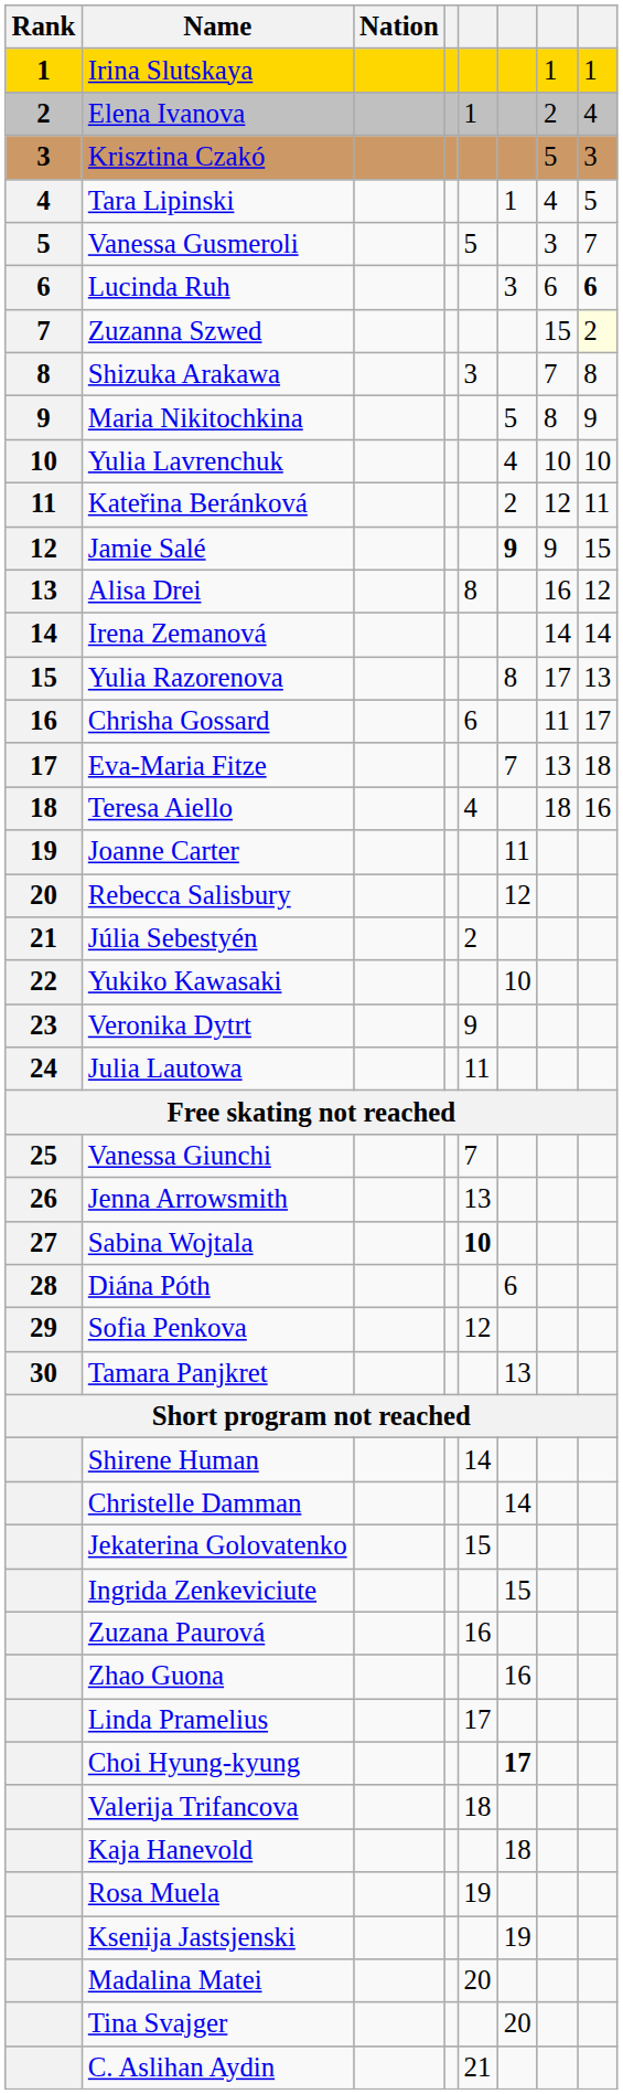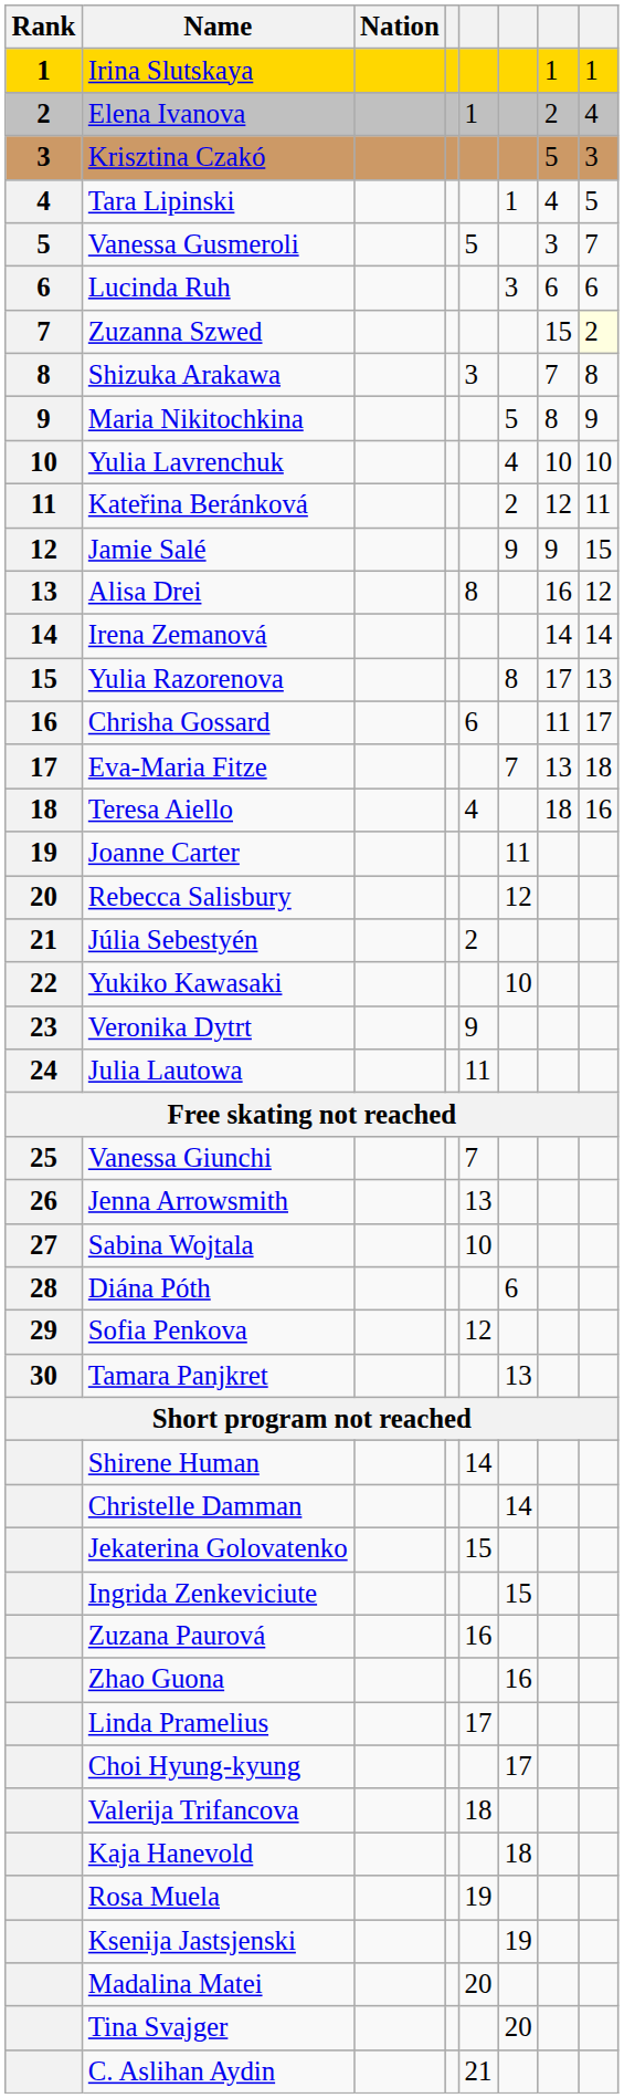 <table class="wikitable sortable">
 <tr>
 <th>Rank</th>
 <th>Name</th>
 <th>Nation</th>
 <th></th>
 <th></th>
 <th></th>
 <th></th>
 <th></th>
 </tr>
 <tr bgcolor=gold>
 <td align=center><strong>1</strong></td>
 <td><a href='#'>Irina Slutskaya</a></td>
 <td></td>
 <td></td>
 <td></td>
 <td></td>
 <td>1</td>
 <td>1</td>
 </tr>
 <tr bgcolor=silver>
 <td align=center><strong>2</strong></td>
 <td><a href='#'>Elena Ivanova</a></td>
 <td></td>
 <td></td>
 <td>1</td>
 <td></td>
 <td>2</td>
 <td>4</td>
 </tr>
 <tr bgcolor=cc9966>
 <td align=center><strong>3</strong></td>
 <td><a href='#'>Krisztina Czakó</a></td>
 <td></td>
 <td></td>
 <td></td>
 <td></td>
 <td>5</td>
 <td>3</td>
 </tr>
 <tr>
 <th>4</th>
 <td><a href='#'>Tara Lipinski</a></td>
 <td></td>
 <td></td>
 <td></td>
 <td>1</td>
 <td>4</td>
 <td>5</td>
 </tr>
 <tr>
 <th>5</th>
 <td><a href='#'>Vanessa Gusmeroli</a></td>
 <td></td>
 <td></td>
 <td>5</td>
 <td></td>
 <td>3</td>
 <td>7</td>
 </tr>
 <tr>
 <th>6</th>
 <td><a href='#'>Lucinda Ruh</a></td>
 <td></td>
 <td></td>
 <td></td>
 <td>3</td>
 <td>6</td>
-<td><strong>6</strong></td>
+<td>6</td>
 </tr>
 <tr>
 <th>7</th>
 <td><a href='#'>Zuzanna Szwed</a></td>
 <td></td>
 <td></td>
 <td></td>
 <td></td>
 <td>15</td>
 <td style="background: lightyellow;">2</td>
 </tr>
 <tr>
 <th>8</th>
 <td><a href='#'>Shizuka Arakawa</a></td>
 <td></td>
 <td></td>
 <td>3</td>
 <td></td>
 <td>7</td>
 <td>8</td>
 </tr>
 <tr>
 <th>9</th>
 <td><a href='#'>Maria Nikitochkina</a></td>
 <td></td>
 <td></td>
 <td></td>
 <td>5</td>
 <td>8</td>
 <td>9</td>
 </tr>
 <tr>
 <th>10</th>
 <td><a href='#'>Yulia Lavrenchuk</a></td>
 <td></td>
 <td></td>
 <td></td>
 <td>4</td>
 <td>10</td>
 <td>10</td>
 </tr>
 <tr>
 <th>11</th>
 <td><a href='#'>Kateřina Beránková</a></td>
 <td></td>
 <td></td>
 <td></td>
 <td>2</td>
 <td>12</td>
 <td>11</td>
 </tr>
 <tr>
 <th>12</th>
 <td><a href='#'>Jamie Salé</a></td>
 <td></td>
 <td></td>
 <td></td>
-<td><strong>9</strong></td>
+<td>9</td>
 <td>9</td>
 <td>15</td>
 </tr>
 <tr>
 <th>13</th>
 <td><a href='#'>Alisa Drei</a></td>
 <td></td>
 <td></td>
 <td>8</td>
 <td></td>
 <td>16</td>
 <td>12</td>
 </tr>
 <tr>
 <th>14</th>
 <td><a href='#'>Irena Zemanová</a></td>
 <td></td>
 <td></td>
 <td></td>
 <td></td>
 <td>14</td>
 <td>14</td>
 </tr>
 <tr>
 <th>15</th>
 <td><a href='#'>Yulia Razorenova</a></td>
 <td></td>
 <td></td>
 <td></td>
 <td>8</td>
 <td>17</td>
 <td>13</td>
 </tr>
 <tr>
 <th>16</th>
 <td><a href='#'>Chrisha Gossard</a></td>
 <td></td>
 <td></td>
 <td>6</td>
 <td></td>
 <td>11</td>
 <td>17</td>
 </tr>
 <tr>
 <th>17</th>
 <td><a href='#'>Eva-Maria Fitze</a></td>
 <td></td>
 <td></td>
 <td></td>
 <td>7</td>
 <td>13</td>
 <td>18</td>
 </tr>
 <tr>
 <th>18</th>
 <td><a href='#'>Teresa Aiello</a></td>
 <td></td>
 <td></td>
 <td>4</td>
 <td></td>
 <td>18</td>
 <td>16</td>
 </tr>
 <tr>
 <th>19</th>
 <td><a href='#'>Joanne Carter</a></td>
 <td></td>
 <td></td>
 <td></td>
 <td>11</td>
 <td></td>
 <td></td>
 </tr>
 <tr>
 <th>20</th>
 <td><a href='#'>Rebecca Salisbury</a></td>
 <td></td>
 <td></td>
 <td></td>
 <td>12</td>
 <td></td>
 <td></td>
 </tr>
 <tr>
 <th>21</th>
 <td><a href='#'>Júlia Sebestyén</a></td>
 <td></td>
 <td></td>
 <td>2</td>
 <td></td>
 <td></td>
 <td></td>
 </tr>
 <tr>
 <th>22</th>
 <td><a href='#'>Yukiko Kawasaki</a></td>
 <td></td>
 <td></td>
 <td></td>
 <td>10</td>
 <td></td>
 <td></td>
 </tr>
 <tr>
 <th>23</th>
 <td><a href='#'>Veronika Dytrt</a></td>
 <td></td>
 <td></td>
 <td>9</td>
 <td></td>
 <td></td>
 <td></td>
 </tr>
 <tr>
 <th>24</th>
 <td><a href='#'>Julia Lautowa</a></td>
 <td></td>
 <td></td>
 <td>11</td>
 <td></td>
 <td></td>
 <td></td>
 </tr>
 <tr>
 <th colspan=8>Free skating not reached</th>
 </tr>
 <tr>
 <th>25</th>
 <td><a href='#'>Vanessa Giunchi</a></td>
 <td></td>
 <td></td>
 <td>7</td>
 <td></td>
 <td></td>
 <td></td>
 </tr>
 <tr>
 <th>26</th>
 <td><a href='#'>Jenna Arrowsmith</a></td>
 <td></td>
 <td></td>
 <td>13</td>
 <td></td>
 <td></td>
 <td></td>
 </tr>
 <tr>
 <th>27</th>
 <td><a href='#'>Sabina Wojtala</a></td>
 <td></td>
 <td></td>
-<td><strong>10</strong></td>
+<td>10</td>
 <td></td>
 <td></td>
 <td></td>
 </tr>
 <tr>
 <th>28</th>
 <td><a href='#'>Diána Póth</a></td>
 <td></td>
 <td></td>
 <td></td>
 <td>6</td>
 <td></td>
 <td></td>
 </tr>
 <tr>
 <th>29</th>
 <td><a href='#'>Sofia Penkova</a></td>
 <td></td>
 <td></td>
 <td>12</td>
 <td></td>
 <td></td>
 <td></td>
 </tr>
 <tr>
 <th>30</th>
 <td><a href='#'>Tamara Panjkret</a></td>
 <td></td>
 <td></td>
 <td></td>
 <td>13</td>
 <td></td>
 <td></td>
 </tr>
 <tr>
 <th colspan=8>Short program not reached</th>
 </tr>
 <tr>
 <th></th>
 <td><a href='#'>Shirene Human</a></td>
 <td></td>
 <td></td>
 <td>14</td>
 <td></td>
 <td></td>
 <td></td>
 </tr>
 <tr>
 <th></th>
 <td><a href='#'>Christelle Damman</a></td>
 <td></td>
 <td></td>
 <td></td>
 <td>14</td>
 <td></td>
 <td></td>
 </tr>
 <tr>
 <th></th>
 <td><a href='#'>Jekaterina Golovatenko</a></td>
 <td></td>
 <td></td>
 <td>15</td>
 <td></td>
 <td></td>
 <td></td>
 </tr>
 <tr>
 <th></th>
 <td><a href='#'>Ingrida Zenkeviciute</a></td>
 <td></td>
 <td></td>
 <td></td>
 <td>15</td>
 <td></td>
 <td></td>
 </tr>
 <tr>
 <th></th>
 <td><a href='#'>Zuzana Paurová</a></td>
 <td></td>
 <td></td>
 <td>16</td>
 <td></td>
 <td></td>
 <td></td>
 </tr>
 <tr>
 <th></th>
 <td><a href='#'>Zhao Guona</a></td>
 <td></td>
 <td></td>
 <td></td>
 <td>16</td>
 <td></td>
 <td></td>
 </tr>
 <tr>
 <th></th>
 <td><a href='#'>Linda Pramelius</a></td>
 <td></td>
 <td></td>
 <td>17</td>
 <td></td>
 <td></td>
 <td></td>
 </tr>
 <tr>
 <th></th>
 <td><a href='#'>Choi Hyung-kyung</a></td>
 <td></td>
 <td></td>
 <td></td>
-<td><strong>17</strong></td>
+<td>17</td>
 <td></td>
 <td></td>
 </tr>
 <tr>
 <th></th>
 <td><a href='#'>Valerija Trifancova</a></td>
 <td></td>
 <td></td>
 <td>18</td>
 <td></td>
 <td></td>
 <td></td>
 </tr>
 <tr>
 <th></th>
 <td><a href='#'>Kaja Hanevold</a></td>
 <td></td>
 <td></td>
 <td></td>
 <td>18</td>
 <td></td>
 <td></td>
 </tr>
 <tr>
 <th></th>
 <td><a href='#'>Rosa Muela</a></td>
 <td></td>
 <td></td>
 <td>19</td>
 <td></td>
 <td></td>
 <td></td>
 </tr>
 <tr>
 <th></th>
 <td><a href='#'>Ksenija Jastsjenski</a></td>
 <td></td>
 <td></td>
 <td></td>
 <td>19</td>
 <td></td>
 <td></td>
 </tr>
 <tr>
 <th></th>
 <td><a href='#'>Madalina Matei</a></td>
 <td></td>
 <td></td>
 <td>20</td>
 <td></td>
 <td></td>
 <td></td>
 </tr>
 <tr>
 <th></th>
 <td><a href='#'>Tina Svajger</a></td>
 <td></td>
 <td></td>
 <td></td>
 <td>20</td>
 <td></td>
 <td></td>
 </tr>
 <tr>
 <th></th>
 <td><a href='#'>C. Aslihan Aydin</a></td>
 <td></td>
 <td></td>
 <td>21</td>
 <td></td>
 <td></td>
 <td></td>
 </tr>
 </table>
